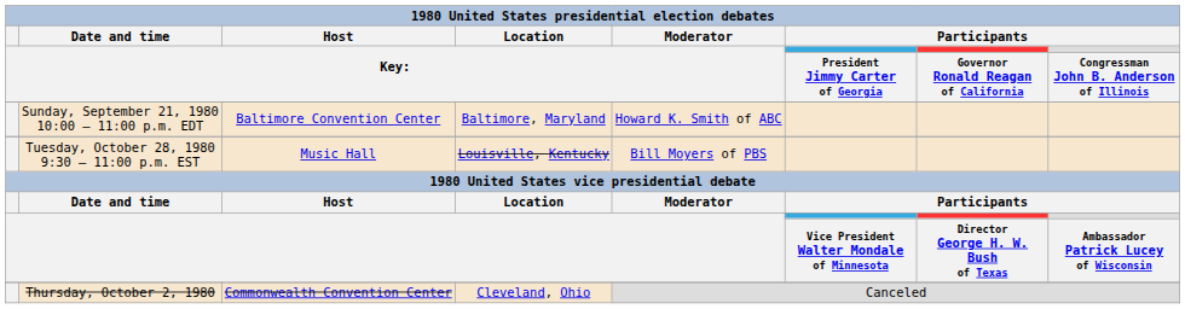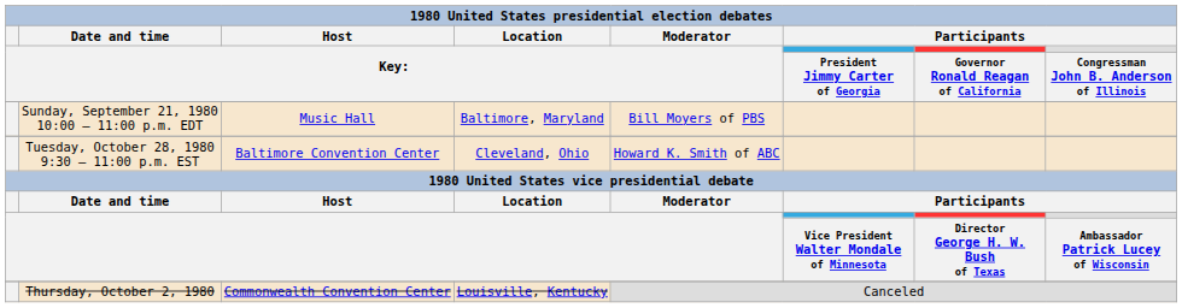 <table class="wikitable">
 <tr>
 <th colspan="17" style="background:#B0C4DE">1980 United States presidential election debates</th>
 </tr>
 <tr>
 <th style="white-space:nowrap;"> </th>
 <th>Date and time</th>
 <th>Host</th>
 <th>Location</th>
 <th>Moderator</th>
 <th colspan="11" scope="col">Participants</th>
 </tr>
 <tr>
 <th colspan="5" rowspan="2">Key:<br>     </th>
 <th scope="col" style="width:10em; background: #34AAE0;"><small><a href='#'></a></small></th>
 <th scope="col" style="width:10em; background: #FF3333;"><small><a href='#'></a></small></th>
 <th scope="col" style="width:10em; background: #DDDDDD;"><small><a href='#'></a></small></th>
 </tr>
 <tr>
 <th><small>President</small><br><a href='#'>Jimmy Carter</a><br><small>of <a href='#'>Georgia</a></small></th>
 <th><small>Governor</small><br><a href='#'>Ronald Reagan</a><br><small>of <a href='#'>California</a></small></th>
 <th><small>Congressman</small><br><a href='#'>John B. Anderson</a><br><small>of <a href='#'>Illinois</a></small></th>
 </tr>
 <tr>
 </tr>
 <tr bgcolor="#F7E7CE">
 <th></th>
 <td style="white-space:nowrap; text-align:center;">Sunday, September 21, 1980<br>10:00 – 11:00 p.m. EDT</td>
-<td style="white-space:nowrap; text-align:center;"><a href='#'>Baltimore Convention Center</a></td>
+<td style="white-space:nowrap; text-align:center;"><a href='#'>Music Hall</a></td>
 <td style="white-space:nowrap; text-align:center;"><a href='#'>Baltimore</a>, <a href='#'>Maryland</a></td>
-<td style="white-space:nowrap; text-align:center;"><a href='#'>Howard K. Smith</a> of <a href='#'>ABC</a></td>
+<td style="white-space:nowrap; text-align:center;"><a href='#'>Bill Moyers</a> of <a href='#'>PBS</a></td>
 <td></td>
 <td></td>
 <td></td>
 </tr>
 <tr>
 </tr>
 <tr bgcolor="#F7E7CE">
 <th></th>
 <td style="white-space:nowrap; text-align:center;">Tuesday, October 28, 1980<br>9:30 – 11:00 p.m. EST</td>
-<td style="white-space:nowrap; text-align:center;"><a href='#'>Music Hall</a></td>
-<td style="white-space:nowrap; text-align:center;"><s><a href='#'>Louisville</a>, <a href='#'>Kentucky</a></s></td>
-<td style="white-space:nowrap; text-align:center;"><a href='#'>Bill Moyers</a> of <a href='#'>PBS</a></td>
+<td style="white-space:nowrap; text-align:center;"><a href='#'>Baltimore Convention Center</a></td>
+<td style="white-space:nowrap; text-align:center;"><a href='#'>Cleveland</a>, <a href='#'>Ohio</a></td>
+<td style="white-space:nowrap; text-align:center;"><a href='#'>Howard K. Smith</a> of <a href='#'>ABC</a></td>
 <td></td>
 <td></td>
 <td></td>
 </tr>
 <tr>
 <th style="background:#B0C4DE" colspan="16">1980 United States vice presidential debate</th>
 </tr>
 <tr>
 <th style="white-space:nowrap;"> </th>
 <th>Date and time</th>
 <th>Host</th>
 <th>Location</th>
 <th>Moderator</th>
 <th scope="col" colspan="10">Participants</th>
 </tr>
 <tr>
 <th colspan="5" rowspan="2"></th>
 <th scope="col" style="width:10em; background: #34AAE0;"><small><a href='#'></a></small></th>
 <th scope="col" style="width:10em; background: #FF3333;"><small><a href='#'></a></small></th>
 <th scope="col" style="width:10em; background: #DDDDDD;"><small><a href='#'></a></small></th>
 </tr>
 <tr>
 <th><small>Vice President</small><br><a href='#'>Walter Mondale</a><br><small>of <a href='#'>Minnesota</a></small></th>
 <th><small>Director</small><br><a href='#'>George H. W. Bush</a><br><small>of <a href='#'>Texas</a></small></th>
 <th><small>Ambassador</small><br><a href='#'>Patrick Lucey</a><br><small>of <a href='#'>Wisconsin</a></small></th>
 </tr>
 <tr>
 </tr>
 <tr bgcolor="#F7E7CE">
 <th></th>
 <td style="white-space:nowrap; text-align:center;"><s>Thursday, October 2, 1980</s></td>
 <td style="white-space:nowrap; text-align:center;"><s><a href='#'>Commonwealth Convention Center</a></s></td>
-<td style="white-space:nowrap; text-align:center;"><a href='#'>Cleveland</a>, <a href='#'>Ohio</a></td>
+<td style="white-space:nowrap; text-align:center;"><s><a href='#'>Louisville</a>, <a href='#'>Kentucky</a></s></td>
 <td style="background:#dddddd; color:black; text-align:center;" colspan=4>Canceled</td>
 </tr>
 </table>
